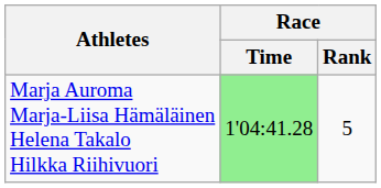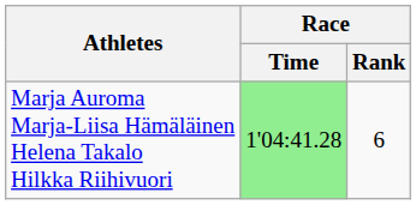 <table class="wikitable" border="1" style="font-size:90%">
 <tr>
 <th rowspan=2>Athletes</th>
 <th colspan=2>Race</th>
 </tr>
 <tr>
 <th>Time</th>
 <th>Rank</th>
 </tr>
 <tr>
 <td><a href='#'>Marja Auroma</a><br><a href='#'>Marja-Liisa Hämäläinen</a><br><a href='#'>Helena Takalo</a><br><a href='#'>Hilkka Riihivuori</a></td>
 <td align=center style="background: lightgreen;">1'04:41.28</td>
-<td align=center>5</td>
+<td align=center>6</td>
 </tr>
 </table>
